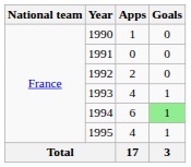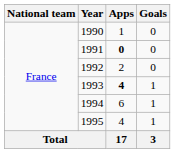 <table class="wikitable" style="text-align:center">
 <tr>
 <th>National team</th>
 <th>Year</th>
 <th>Apps</th>
 <th>Goals</th>
 </tr>
 <tr>
 <td rowspan="6"><a href='#'>France</a></td>
 <td>1990</td>
 <td>1</td>
 <td>0</td>
 </tr>
 <tr>
 <td>1991</td>
-<td>0</td>
+<td><strong>0</strong></td>
 <td>0</td>
 </tr>
 <tr>
 <td>1992</td>
 <td>2</td>
 <td>0</td>
 </tr>
 <tr>
 <td>1993</td>
-<td>4</td>
+<td><strong>4</strong></td>
 <td>1</td>
 </tr>
 <tr>
 <td>1994</td>
 <td>6</td>
-<td style="background: lightgreen;">1</td>
+<td>1</td>
 </tr>
 <tr>
 <td>1995</td>
 <td>4</td>
 <td>1</td>
 </tr>
 <tr>
 <th colspan="2">Total</th>
 <th>17</th>
 <th>3</th>
 </tr>
 </table>
